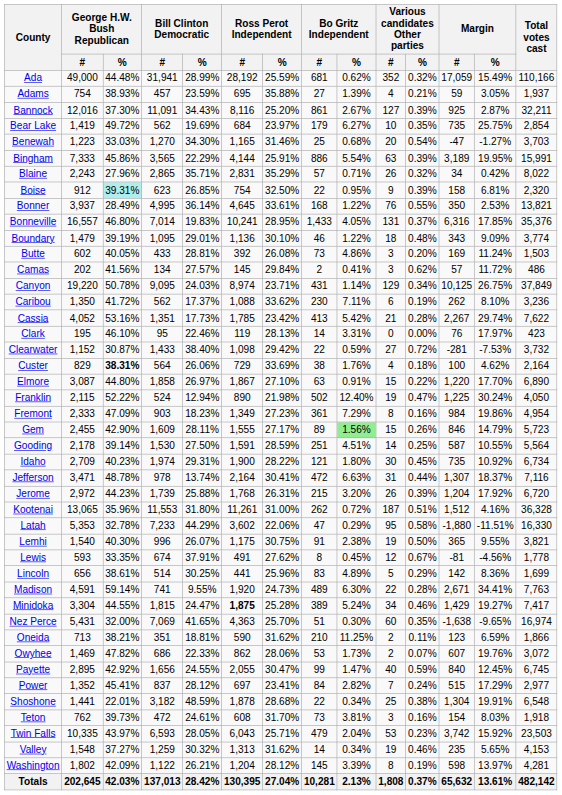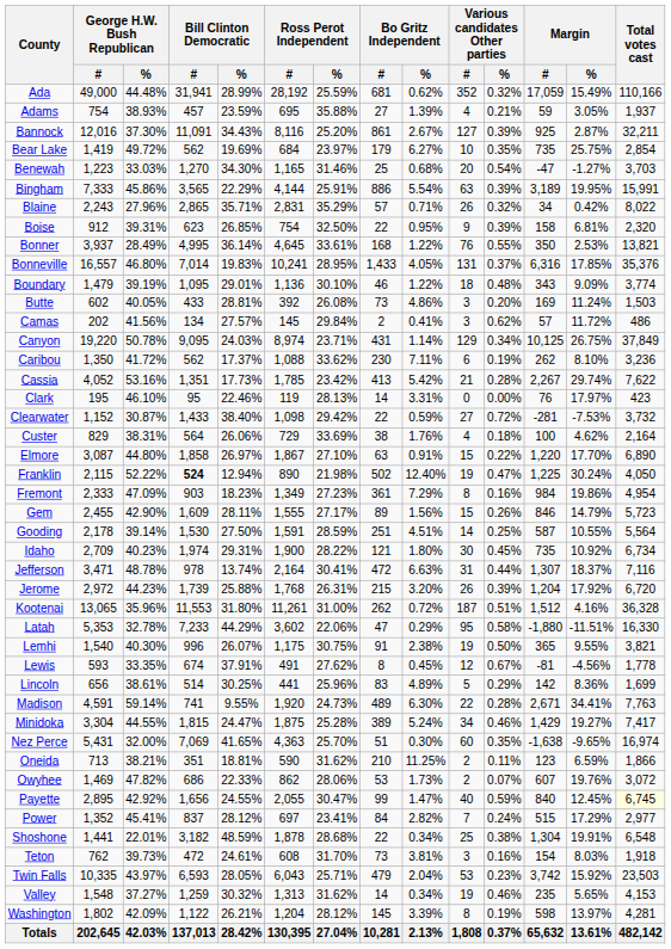 <table width="65%"  class="wikitable sortable" style="text-align:center">
 <tr>
 <th style="text-align:center;" rowspan="2">County</th>
 <th style="text-align:center;" colspan="2">George H.W. Bush<br>Republican</th>
 <th style="text-align:center;" colspan="2">Bill Clinton<br>Democratic</th>
 <th style="text-align:center;" colspan="2">Ross Perot<br>Independent</th>
 <th style="text-align:center;" colspan="2">Bo Gritz<br>Independent</th>
 <th style="text-align:center;" colspan="2">Various candidates<br>Other parties</th>
 <th style="text-align:center;" colspan="2">Margin</th>
 <th style="text-align:center;" rowspan="2" data-sort-type="number">Total votes cast</th>
 </tr>
 <tr>
 <th data-sort-type="number">#</th>
 <th data-sort-type="number">%</th>
 <th data-sort-type="number">#</th>
 <th data-sort-type="number">%</th>
 <th data-sort-type="number">#</th>
 <th data-sort-type="number">%</th>
 <th data-sort-type="number">#</th>
 <th data-sort-type="number">%</th>
 <th data-sort-type="number">#</th>
 <th data-sort-type="number">%</th>
 <th data-sort-type="number">#</th>
 <th data-sort-type="number">%</th>
 </tr>
 <tr style="text-align:center;">
 <td><a href='#'>Ada</a></td>
 <td>49,000</td>
 <td>44.48%</td>
 <td>31,941</td>
 <td>28.99%</td>
 <td>28,192</td>
 <td>25.59%</td>
 <td>681</td>
 <td>0.62%</td>
 <td>352</td>
 <td>0.32%</td>
 <td>17,059</td>
 <td>15.49%</td>
 <td>110,166</td>
 </tr>
 <tr style="text-align:center;">
 <td><a href='#'>Adams</a></td>
 <td>754</td>
 <td>38.93%</td>
 <td>457</td>
 <td>23.59%</td>
 <td>695</td>
 <td>35.88%</td>
 <td>27</td>
 <td>1.39%</td>
 <td>4</td>
 <td>0.21%</td>
 <td>59</td>
 <td>3.05%</td>
 <td>1,937</td>
 </tr>
 <tr style="text-align:center;">
 <td><a href='#'>Bannock</a></td>
 <td>12,016</td>
 <td>37.30%</td>
 <td>11,091</td>
 <td>34.43%</td>
 <td>8,116</td>
 <td>25.20%</td>
 <td>861</td>
 <td>2.67%</td>
 <td>127</td>
 <td>0.39%</td>
 <td>925</td>
 <td>2.87%</td>
 <td>32,211</td>
 </tr>
 <tr style="text-align:center;">
 <td><a href='#'>Bear Lake</a></td>
 <td>1,419</td>
 <td>49.72%</td>
 <td>562</td>
 <td>19.69%</td>
 <td>684</td>
 <td>23.97%</td>
 <td>179</td>
 <td>6.27%</td>
 <td>10</td>
 <td>0.35%</td>
 <td>735</td>
 <td>25.75%</td>
 <td>2,854</td>
 </tr>
 <tr style="text-align:center;">
 <td><a href='#'>Benewah</a></td>
 <td>1,223</td>
 <td>33.03%</td>
 <td>1,270</td>
 <td>34.30%</td>
 <td>1,165</td>
 <td>31.46%</td>
 <td>25</td>
 <td>0.68%</td>
 <td>20</td>
 <td>0.54%</td>
 <td>-47</td>
 <td>-1.27%</td>
 <td>3,703</td>
 </tr>
 <tr style="text-align:center;">
 <td><a href='#'>Bingham</a></td>
 <td>7,333</td>
 <td>45.86%</td>
 <td>3,565</td>
 <td>22.29%</td>
 <td>4,144</td>
 <td>25.91%</td>
 <td>886</td>
 <td>5.54%</td>
 <td>63</td>
 <td>0.39%</td>
 <td>3,189</td>
 <td>19.95%</td>
 <td>15,991</td>
 </tr>
 <tr style="text-align:center;">
 <td><a href='#'>Blaine</a></td>
 <td>2,243</td>
 <td>27.96%</td>
 <td>2,865</td>
 <td>35.71%</td>
 <td>2,831</td>
 <td>35.29%</td>
 <td>57</td>
 <td>0.71%</td>
 <td>26</td>
 <td>0.32%</td>
 <td>34</td>
 <td>0.42%</td>
 <td>8,022</td>
 </tr>
 <tr style="text-align:center;">
 <td><a href='#'>Boise</a></td>
 <td>912</td>
-<td style="background: paleturquoise;">39.31%</td>
+<td>39.31%</td>
 <td>623</td>
 <td>26.85%</td>
 <td>754</td>
 <td>32.50%</td>
 <td>22</td>
 <td>0.95%</td>
 <td>9</td>
 <td>0.39%</td>
 <td>158</td>
 <td>6.81%</td>
 <td>2,320</td>
 </tr>
 <tr style="text-align:center;">
 <td><a href='#'>Bonner</a></td>
 <td>3,937</td>
 <td>28.49%</td>
 <td>4,995</td>
 <td>36.14%</td>
 <td>4,645</td>
 <td>33.61%</td>
 <td>168</td>
 <td>1.22%</td>
 <td>76</td>
 <td>0.55%</td>
 <td>350</td>
 <td>2.53%</td>
 <td>13,821</td>
 </tr>
 <tr style="text-align:center;">
 <td><a href='#'>Bonneville</a></td>
 <td>16,557</td>
 <td>46.80%</td>
 <td>7,014</td>
 <td>19.83%</td>
 <td>10,241</td>
 <td>28.95%</td>
 <td>1,433</td>
 <td>4.05%</td>
 <td>131</td>
 <td>0.37%</td>
 <td>6,316</td>
 <td>17.85%</td>
 <td>35,376</td>
 </tr>
 <tr style="text-align:center;">
 <td><a href='#'>Boundary</a></td>
 <td>1,479</td>
 <td>39.19%</td>
 <td>1,095</td>
 <td>29.01%</td>
 <td>1,136</td>
 <td>30.10%</td>
 <td>46</td>
 <td>1.22%</td>
 <td>18</td>
 <td>0.48%</td>
 <td>343</td>
 <td>9.09%</td>
 <td>3,774</td>
 </tr>
 <tr style="text-align:center;">
 <td><a href='#'>Butte</a></td>
 <td>602</td>
 <td>40.05%</td>
 <td>433</td>
 <td>28.81%</td>
 <td>392</td>
 <td>26.08%</td>
 <td>73</td>
 <td>4.86%</td>
 <td>3</td>
 <td>0.20%</td>
 <td>169</td>
 <td>11.24%</td>
 <td>1,503</td>
 </tr>
 <tr style="text-align:center;">
 <td><a href='#'>Camas</a></td>
 <td>202</td>
 <td>41.56%</td>
 <td>134</td>
 <td>27.57%</td>
 <td>145</td>
 <td>29.84%</td>
 <td>2</td>
 <td>0.41%</td>
 <td>3</td>
 <td>0.62%</td>
 <td>57</td>
 <td>11.72%</td>
 <td>486</td>
 </tr>
 <tr style="text-align:center;">
 <td><a href='#'>Canyon</a></td>
 <td>19,220</td>
 <td>50.78%</td>
 <td>9,095</td>
 <td>24.03%</td>
 <td>8,974</td>
 <td>23.71%</td>
 <td>431</td>
 <td>1.14%</td>
 <td>129</td>
 <td>0.34%</td>
 <td>10,125</td>
 <td>26.75%</td>
 <td>37,849</td>
 </tr>
 <tr style="text-align:center;">
 <td><a href='#'>Caribou</a></td>
 <td>1,350</td>
 <td>41.72%</td>
 <td>562</td>
 <td>17.37%</td>
 <td>1,088</td>
 <td>33.62%</td>
 <td>230</td>
 <td>7.11%</td>
 <td>6</td>
 <td>0.19%</td>
 <td>262</td>
 <td>8.10%</td>
 <td>3,236</td>
 </tr>
 <tr style="text-align:center;">
 <td><a href='#'>Cassia</a></td>
 <td>4,052</td>
 <td>53.16%</td>
 <td>1,351</td>
 <td>17.73%</td>
 <td>1,785</td>
 <td>23.42%</td>
 <td>413</td>
 <td>5.42%</td>
 <td>21</td>
 <td>0.28%</td>
 <td>2,267</td>
 <td>29.74%</td>
 <td>7,622</td>
 </tr>
 <tr style="text-align:center;">
 <td><a href='#'>Clark</a></td>
 <td>195</td>
 <td>46.10%</td>
 <td>95</td>
 <td>22.46%</td>
 <td>119</td>
 <td>28.13%</td>
 <td>14</td>
 <td>3.31%</td>
 <td>0</td>
 <td>0.00%</td>
 <td>76</td>
 <td>17.97%</td>
 <td>423</td>
 </tr>
 <tr style="text-align:center;">
 <td><a href='#'>Clearwater</a></td>
 <td>1,152</td>
 <td>30.87%</td>
 <td>1,433</td>
 <td>38.40%</td>
 <td>1,098</td>
 <td>29.42%</td>
 <td>22</td>
 <td>0.59%</td>
 <td>27</td>
 <td>0.72%</td>
 <td>-281</td>
 <td>-7.53%</td>
 <td>3,732</td>
 </tr>
 <tr style="text-align:center;">
 <td><a href='#'>Custer</a></td>
 <td>829</td>
-<td><strong>38.31%</strong></td>
+<td>38.31%</td>
 <td>564</td>
 <td>26.06%</td>
 <td>729</td>
 <td>33.69%</td>
 <td>38</td>
 <td>1.76%</td>
 <td>4</td>
 <td>0.18%</td>
 <td>100</td>
 <td>4.62%</td>
 <td>2,164</td>
 </tr>
 <tr style="text-align:center;">
 <td><a href='#'>Elmore</a></td>
 <td>3,087</td>
 <td>44.80%</td>
 <td>1,858</td>
 <td>26.97%</td>
 <td>1,867</td>
 <td>27.10%</td>
 <td>63</td>
 <td>0.91%</td>
 <td>15</td>
 <td>0.22%</td>
 <td>1,220</td>
 <td>17.70%</td>
 <td>6,890</td>
 </tr>
 <tr style="text-align:center;">
 <td><a href='#'>Franklin</a></td>
 <td>2,115</td>
 <td>52.22%</td>
-<td>524</td>
+<td><strong>524</strong></td>
 <td>12.94%</td>
 <td>890</td>
 <td>21.98%</td>
 <td>502</td>
 <td>12.40%</td>
 <td>19</td>
 <td>0.47%</td>
 <td>1,225</td>
 <td>30.24%</td>
 <td>4,050</td>
 </tr>
 <tr style="text-align:center;">
 <td><a href='#'>Fremont</a></td>
 <td>2,333</td>
 <td>47.09%</td>
 <td>903</td>
 <td>18.23%</td>
 <td>1,349</td>
 <td>27.23%</td>
 <td>361</td>
 <td>7.29%</td>
 <td>8</td>
 <td>0.16%</td>
 <td>984</td>
 <td>19.86%</td>
 <td>4,954</td>
 </tr>
 <tr style="text-align:center;">
 <td><a href='#'>Gem</a></td>
 <td>2,455</td>
 <td>42.90%</td>
 <td>1,609</td>
 <td>28.11%</td>
 <td>1,555</td>
 <td>27.17%</td>
 <td>89</td>
-<td style="background: lightgreen;">1.56%</td>
+<td>1.56%</td>
 <td>15</td>
 <td>0.26%</td>
 <td>846</td>
 <td>14.79%</td>
 <td>5,723</td>
 </tr>
 <tr style="text-align:center;">
 <td><a href='#'>Gooding</a></td>
 <td>2,178</td>
 <td>39.14%</td>
 <td>1,530</td>
 <td>27.50%</td>
 <td>1,591</td>
 <td>28.59%</td>
 <td>251</td>
 <td>4.51%</td>
 <td>14</td>
 <td>0.25%</td>
 <td>587</td>
 <td>10.55%</td>
 <td>5,564</td>
 </tr>
 <tr style="text-align:center;">
 <td><a href='#'>Idaho</a></td>
 <td>2,709</td>
 <td>40.23%</td>
 <td>1,974</td>
 <td>29.31%</td>
 <td>1,900</td>
 <td>28.22%</td>
 <td>121</td>
 <td>1.80%</td>
 <td>30</td>
 <td>0.45%</td>
 <td>735</td>
 <td>10.92%</td>
 <td>6,734</td>
 </tr>
 <tr style="text-align:center;">
 <td><a href='#'>Jefferson</a></td>
 <td>3,471</td>
 <td>48.78%</td>
 <td>978</td>
 <td>13.74%</td>
 <td>2,164</td>
 <td>30.41%</td>
 <td>472</td>
 <td>6.63%</td>
 <td>31</td>
 <td>0.44%</td>
 <td>1,307</td>
 <td>18.37%</td>
 <td>7,116</td>
 </tr>
 <tr style="text-align:center;">
 <td><a href='#'>Jerome</a></td>
 <td>2,972</td>
 <td>44.23%</td>
 <td>1,739</td>
 <td>25.88%</td>
 <td>1,768</td>
 <td>26.31%</td>
 <td>215</td>
 <td>3.20%</td>
 <td>26</td>
 <td>0.39%</td>
 <td>1,204</td>
 <td>17.92%</td>
 <td>6,720</td>
 </tr>
 <tr style="text-align:center;">
 <td><a href='#'>Kootenai</a></td>
 <td>13,065</td>
 <td>35.96%</td>
 <td>11,553</td>
 <td>31.80%</td>
 <td>11,261</td>
 <td>31.00%</td>
 <td>262</td>
 <td>0.72%</td>
 <td>187</td>
 <td>0.51%</td>
 <td>1,512</td>
 <td>4.16%</td>
 <td>36,328</td>
 </tr>
 <tr style="text-align:center;">
 <td><a href='#'>Latah</a></td>
 <td>5,353</td>
 <td>32.78%</td>
 <td>7,233</td>
 <td>44.29%</td>
 <td>3,602</td>
 <td>22.06%</td>
 <td>47</td>
 <td>0.29%</td>
 <td>95</td>
 <td>0.58%</td>
 <td>-1,880</td>
 <td>-11.51%</td>
 <td>16,330</td>
 </tr>
 <tr style="text-align:center;">
 <td><a href='#'>Lemhi</a></td>
 <td>1,540</td>
 <td>40.30%</td>
 <td>996</td>
 <td>26.07%</td>
 <td>1,175</td>
 <td>30.75%</td>
 <td>91</td>
 <td>2.38%</td>
 <td>19</td>
 <td>0.50%</td>
 <td>365</td>
 <td>9.55%</td>
 <td>3,821</td>
 </tr>
 <tr style="text-align:center;">
 <td><a href='#'>Lewis</a></td>
 <td>593</td>
 <td>33.35%</td>
 <td>674</td>
 <td>37.91%</td>
 <td>491</td>
 <td>27.62%</td>
 <td>8</td>
 <td>0.45%</td>
 <td>12</td>
 <td>0.67%</td>
 <td>-81</td>
 <td>-4.56%</td>
 <td>1,778</td>
 </tr>
 <tr style="text-align:center;">
 <td><a href='#'>Lincoln</a></td>
 <td>656</td>
 <td>38.61%</td>
 <td>514</td>
 <td>30.25%</td>
 <td>441</td>
 <td>25.96%</td>
 <td>83</td>
 <td>4.89%</td>
 <td>5</td>
 <td>0.29%</td>
 <td>142</td>
 <td>8.36%</td>
 <td>1,699</td>
 </tr>
 <tr style="text-align:center;">
 <td><a href='#'>Madison</a></td>
 <td>4,591</td>
 <td>59.14%</td>
 <td>741</td>
 <td>9.55%</td>
 <td>1,920</td>
 <td>24.73%</td>
 <td>489</td>
 <td>6.30%</td>
 <td>22</td>
 <td>0.28%</td>
 <td>2,671</td>
 <td>34.41%</td>
 <td>7,763</td>
 </tr>
 <tr style="text-align:center;">
 <td><a href='#'>Minidoka</a></td>
 <td>3,304</td>
 <td>44.55%</td>
 <td>1,815</td>
 <td>24.47%</td>
-<td><strong>1,875</strong></td>
+<td>1,875</td>
 <td>25.28%</td>
 <td>389</td>
 <td>5.24%</td>
 <td>34</td>
 <td>0.46%</td>
 <td>1,429</td>
 <td>19.27%</td>
 <td>7,417</td>
 </tr>
 <tr style="text-align:center;">
 <td><a href='#'>Nez Perce</a></td>
 <td>5,431</td>
 <td>32.00%</td>
 <td>7,069</td>
 <td>41.65%</td>
 <td>4,363</td>
 <td>25.70%</td>
 <td>51</td>
 <td>0.30%</td>
 <td>60</td>
 <td>0.35%</td>
 <td>-1,638</td>
 <td>-9.65%</td>
 <td>16,974</td>
 </tr>
 <tr style="text-align:center;">
 <td><a href='#'>Oneida</a></td>
 <td>713</td>
 <td>38.21%</td>
 <td>351</td>
 <td>18.81%</td>
 <td>590</td>
 <td>31.62%</td>
 <td>210</td>
 <td>11.25%</td>
 <td>2</td>
 <td>0.11%</td>
 <td>123</td>
 <td>6.59%</td>
 <td>1,866</td>
 </tr>
 <tr style="text-align:center;">
 <td><a href='#'>Owyhee</a></td>
 <td>1,469</td>
 <td>47.82%</td>
 <td>686</td>
 <td>22.33%</td>
 <td>862</td>
 <td>28.06%</td>
 <td>53</td>
 <td>1.73%</td>
 <td>2</td>
 <td>0.07%</td>
 <td>607</td>
 <td>19.76%</td>
 <td>3,072</td>
 </tr>
 <tr style="text-align:center;">
 <td><a href='#'>Payette</a></td>
 <td>2,895</td>
 <td>42.92%</td>
 <td>1,656</td>
 <td>24.55%</td>
 <td>2,055</td>
 <td>30.47%</td>
 <td>99</td>
 <td>1.47%</td>
 <td>40</td>
 <td>0.59%</td>
 <td>840</td>
 <td>12.45%</td>
-<td>6,745</td>
+<td style="background: lightyellow;">6,745</td>
 </tr>
 <tr style="text-align:center;">
 <td><a href='#'>Power</a></td>
 <td>1,352</td>
 <td>45.41%</td>
 <td>837</td>
 <td>28.12%</td>
 <td>697</td>
 <td>23.41%</td>
 <td>84</td>
 <td>2.82%</td>
 <td>7</td>
 <td>0.24%</td>
 <td>515</td>
 <td>17.29%</td>
 <td>2,977</td>
 </tr>
 <tr style="text-align:center;">
 <td><a href='#'>Shoshone</a></td>
 <td>1,441</td>
 <td>22.01%</td>
 <td>3,182</td>
 <td>48.59%</td>
 <td>1,878</td>
 <td>28.68%</td>
 <td>22</td>
 <td>0.34%</td>
 <td>25</td>
 <td>0.38%</td>
 <td>1,304</td>
 <td>19.91%</td>
 <td>6,548</td>
 </tr>
 <tr style="text-align:center;">
 <td><a href='#'>Teton</a></td>
 <td>762</td>
 <td>39.73%</td>
 <td>472</td>
 <td>24.61%</td>
 <td>608</td>
 <td>31.70%</td>
 <td>73</td>
 <td>3.81%</td>
 <td>3</td>
 <td>0.16%</td>
 <td>154</td>
 <td>8.03%</td>
 <td>1,918</td>
 </tr>
 <tr style="text-align:center;">
 <td><a href='#'>Twin Falls</a></td>
 <td>10,335</td>
 <td>43.97%</td>
 <td>6,593</td>
 <td>28.05%</td>
 <td>6,043</td>
 <td>25.71%</td>
 <td>479</td>
 <td>2.04%</td>
 <td>53</td>
 <td>0.23%</td>
 <td>3,742</td>
 <td>15.92%</td>
 <td>23,503</td>
 </tr>
 <tr style="text-align:center;">
 <td><a href='#'>Valley</a></td>
 <td>1,548</td>
 <td>37.27%</td>
 <td>1,259</td>
 <td>30.32%</td>
 <td>1,313</td>
 <td>31.62%</td>
 <td>14</td>
 <td>0.34%</td>
 <td>19</td>
 <td>0.46%</td>
 <td>235</td>
 <td>5.65%</td>
 <td>4,153</td>
 </tr>
 <tr style="text-align:center;">
 <td><a href='#'>Washington</a></td>
 <td>1,802</td>
 <td>42.09%</td>
 <td>1,122</td>
 <td>26.21%</td>
 <td>1,204</td>
 <td>28.12%</td>
 <td>145</td>
 <td>3.39%</td>
 <td>8</td>
 <td>0.19%</td>
 <td>598</td>
 <td>13.97%</td>
 <td>4,281</td>
 </tr>
 <tr style="text-align:center;">
 <th>Totals</th>
 <th>202,645</th>
 <th>42.03%</th>
 <th>137,013</th>
 <th>28.42%</th>
 <th>130,395</th>
 <th>27.04%</th>
 <th>10,281</th>
 <th>2.13%</th>
 <th>1,808</th>
 <th>0.37%</th>
 <th>65,632</th>
 <th>13.61%</th>
 <th>482,142</th>
 </tr>
 </table>
